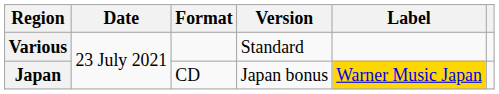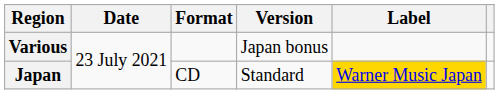 <table class="wikitable plainrowheaders">
 <tr>
 <th scope="col">Region</th>
 <th scope="col">Date</th>
 <th scope="col">Format</th>
 <th scope="col">Version</th>
 <th scope="col">Label</th>
 <th scope="col"></th>
 </tr>
 <tr>
 <th scope="row">Various</th>
 <td rowspan="2">23 July 2021</td>
 <td></td>
-<td>Standard</td>
+<td>Japan bonus</td>
 <td></td>
 <td align="center"></td>
 </tr>
 <tr>
 <th scope="row">Japan</th>
 <td>CD</td>
-<td>Japan bonus</td>
+<td>Standard</td>
 <td style="background: gold;"><a href='#'>Warner Music Japan</a></td>
 <td></td>
 </tr>
 </table>
